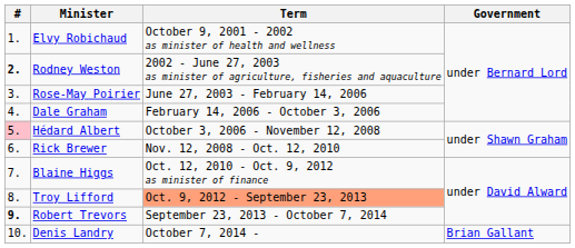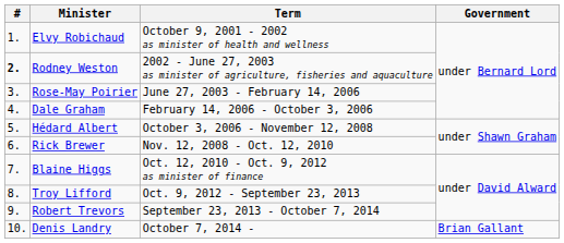 <table class="wikitable">
 <tr>
 <th>#</th>
 <th>Minister</th>
 <th>Term</th>
 <th>Government</th>
 </tr>
 <tr>
 <td>1.</td>
 <td><a href='#'>Elvy Robichaud</a></td>
 <td>October 9, 2001 - 2002<br><small><em>as minister of health and wellness</em></small></td>
 <td rowspan=4>under <a href='#'>Bernard Lord</a></td>
 </tr>
 <tr>
 <td><strong>2.</strong></td>
 <td><a href='#'>Rodney Weston</a></td>
 <td>2002 - June 27, 2003<br><small><em>as minister of agriculture, fisheries and aquaculture</em></small></td>
 </tr>
 <tr>
 <td>3.</td>
 <td><a href='#'>Rose-May Poirier</a></td>
 <td>June 27, 2003 - February 14, 2006</td>
 </tr>
 <tr>
 <td>4.</td>
 <td><a href='#'>Dale Graham</a></td>
 <td>February 14, 2006 - October 3, 2006</td>
 </tr>
 <tr>
-<td style="background: pink;">5.</td>
+<td>5.</td>
 <td><a href='#'>Hédard Albert</a></td>
 <td>October 3, 2006 - November 12, 2008</td>
 <td rowspan=2>under <a href='#'>Shawn Graham</a></td>
 </tr>
 <tr>
 <td>6.</td>
 <td><a href='#'>Rick Brewer</a></td>
 <td>Nov. 12, 2008 - Oct. 12, 2010</td>
 </tr>
 <tr>
 <td>7.</td>
 <td><a href='#'>Blaine Higgs</a></td>
 <td>Oct. 12, 2010 - Oct. 9, 2012<br><small><em>as minister of finance</em></small></td>
 <td rowspan=3>under <a href='#'>David Alward</a></td>
 </tr>
 <tr>
 <td>8.</td>
 <td><a href='#'>Troy Lifford</a></td>
-<td style="background: lightsalmon;">Oct. 9, 2012 - September 23, 2013</td>
+<td>Oct. 9, 2012 - September 23, 2013</td>
 </tr>
 <tr>
-<td><strong>9.</strong></td>
+<td>9.</td>
 <td><a href='#'>Robert Trevors</a></td>
 <td>September 23, 2013 - October 7, 2014</td>
 </tr>
 <tr>
 <td>10.</td>
 <td><a href='#'>Denis Landry</a></td>
 <td>October 7, 2014 -</td>
 <td><a href='#'>Brian Gallant</a></td>
 </tr>
 </table>
